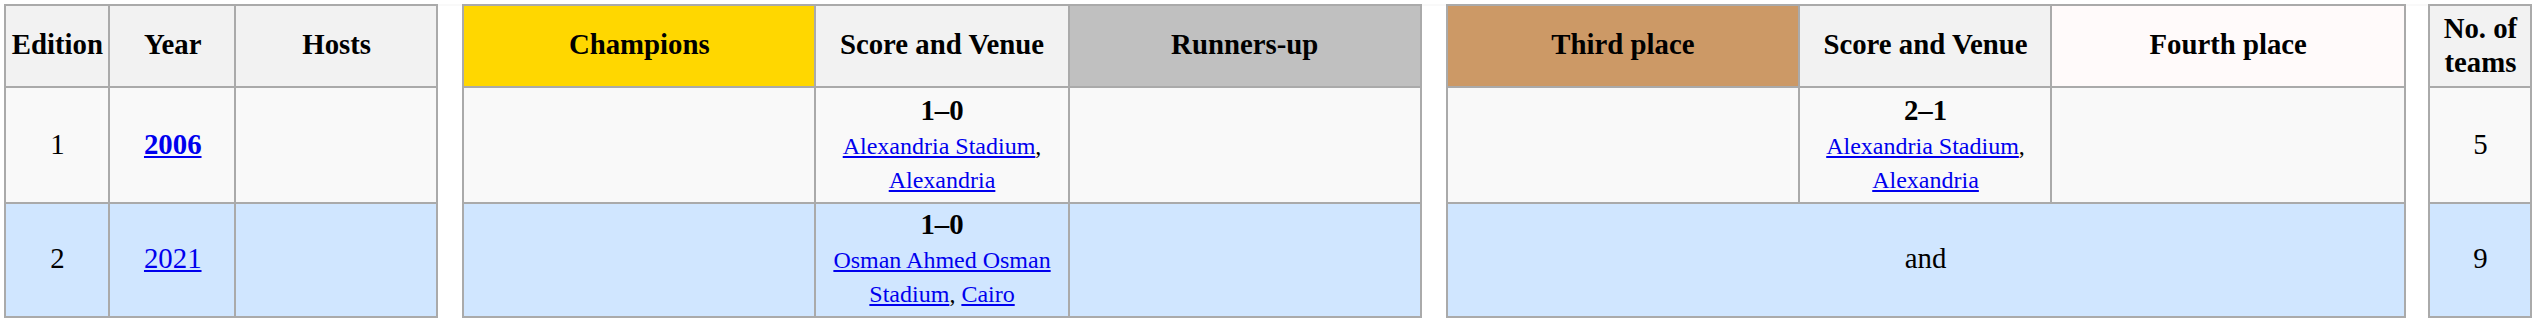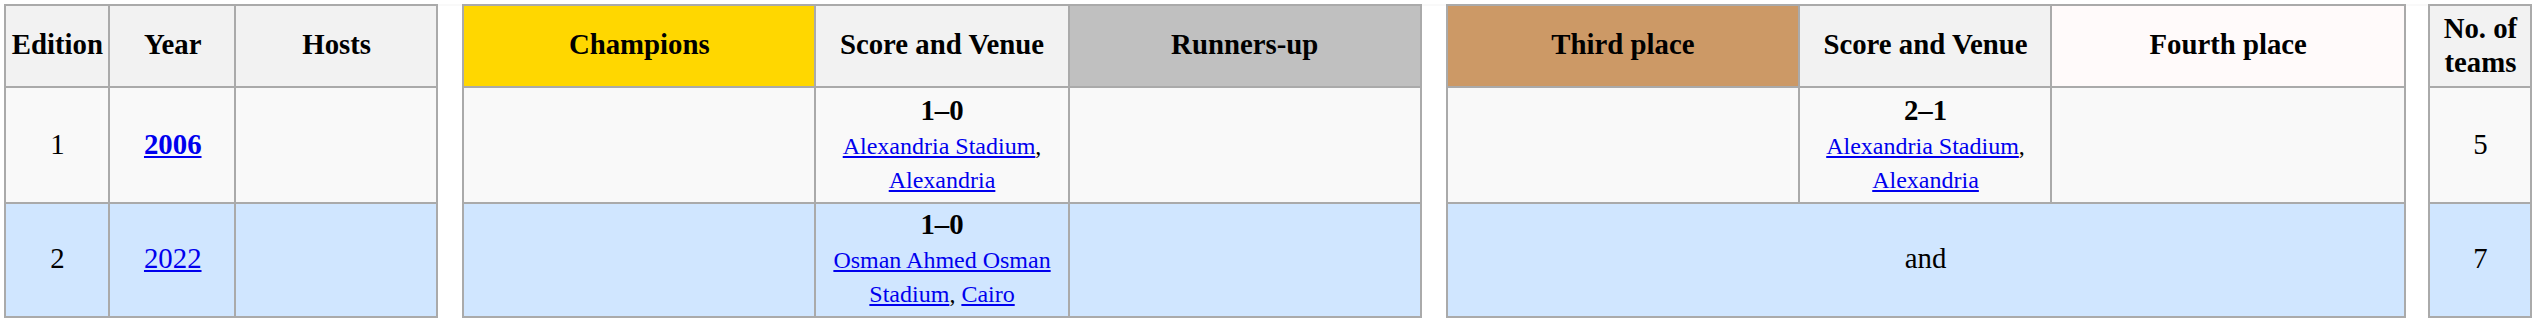 <table class="wikitable" style="text-align:center;width:100%; font-size:90%;">
 <tr>
 <th width=2%>Edition</th>
 <th width=5%>Year</th>
 <th width=8%>Hosts</th>
 <td rowspan="4" style="width:1%;background:#fff; border-top-style:hidden; border-bottom-style:hidden;"></td>
 <th style="width:14%; background:gold;">Champions</th>
 <th width=10%>Score and Venue</th>
 <th style="width:14%; background:silver;">Runners-up</th>
 <td rowspan="4" style="width:1%;background:#fff;border-top-style:hidden; border-bottom-style:hidden;"></td>
 <th style="width:14%; background:#c96;">Third place</th>
 <th width=10%>Score and Venue</th>
 <th style="width:14%; background:snow;">Fourth place</th>
 <td rowspan="4" style="width:1%;background:#fff;border-top-style:hidden; border-bottom-style:hidden;"></td>
 <th width=4%>No. of teams</th>
 </tr>
 <tr>
 <td>1</td>
 <td><strong><a href='#'>2006</a></strong></td>
 <td align=left></td>
 <td><strong></strong></td>
 <td><strong>1–0</strong><br><small><a href='#'>Alexandria Stadium</a>, <a href='#'>Alexandria</a></small></td>
 <td></td>
 <td></td>
 <td><strong>2–1</strong><br><small><a href='#'>Alexandria Stadium</a>, <a href='#'>Alexandria</a></small></td>
 <td></td>
 <td>5</td>
 </tr>
 <tr style="background:#D0E6FF">
 <td>2</td>
-<td><a href='#'>2021</a></td>
+<td><a href='#'>2022</a></td>
 <td align=left></td>
 <td><strong></strong></td>
 <td><strong>1–0</strong><br><small><a href='#'>Osman Ahmed Osman Stadium</a>, <a href='#'>Cairo</a></small></td>
 <td></td>
 <td colspan=3> and </td>
-<td>9</td>
+<td>7</td>
 </tr>
 </table>
